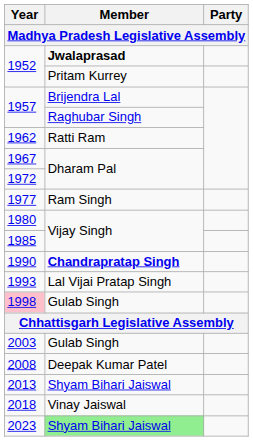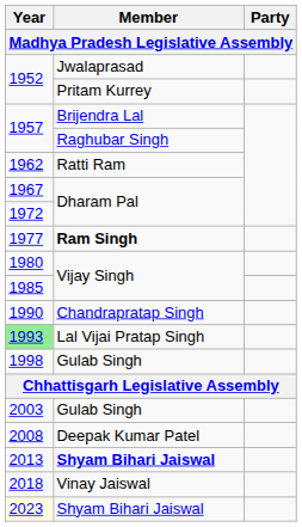 <table class="wikitable">
 <tr>
 <th>Year</th>
 <th>Member</th>
 <th colspan="2">Party</th>
 </tr>
 <tr>
 <th colspan=4><a href='#'>Madhya Pradesh Legislative Assembly</a></th>
 </tr>
 <tr>
 <td rowspan="2"><a href='#'>1952</a></td>
-<td><strong>Jwalaprasad</strong></td>
+<td>Jwalaprasad</td>
 <td></td>
 </tr>
 <tr>
 <td>Pritam Kurrey</td>
 <td></td>
 </tr>
 <tr>
 <td rowspan="2"><a href='#'>1957</a></td>
 <td><a href='#'>Brijendra Lal</a></td>
 </tr>
 <tr>
 <td><a href='#'>Raghubar Singh</a></td>
 </tr>
 <tr>
 <td><a href='#'>1962</a></td>
 <td>Ratti Ram</td>
 </tr>
 <tr>
 <td><a href='#'>1967</a></td>
 <td rowspan="2">Dharam Pal</td>
 </tr>
 <tr>
 <td><a href='#'>1972</a></td>
 </tr>
 <tr>
 <td><a href='#'>1977</a></td>
-<td>Ram Singh</td>
+<td><strong>Ram Singh</strong></td>
 <td></td>
 </tr>
 <tr>
 <td><a href='#'>1980</a></td>
 <td rowspan="2">Vijay Singh</td>
 <td></td>
 </tr>
 <tr>
 <td><a href='#'>1985</a></td>
 <td></td>
 </tr>
 <tr>
 <td><a href='#'>1990</a></td>
-<td><strong><a href='#'>Chandrapratap Singh</a></strong></td>
+<td><a href='#'>Chandrapratap Singh</a></td>
 <td></td>
 </tr>
 <tr>
-<td><a href='#'>1993</a></td>
+<td style="background: lightgreen;"><a href='#'>1993</a></td>
 <td>Lal Vijai Pratap Singh</td>
 <td></td>
 </tr>
 <tr>
-<td style="background: pink;"><a href='#'>1998</a></td>
+<td><a href='#'>1998</a></td>
 <td>Gulab Singh</td>
 </tr>
 <tr>
 <th colspan=4><a href='#'>Chhattisgarh Legislative Assembly</a></th>
 </tr>
 <tr>
 <td><a href='#'>2003</a></td>
 <td>Gulab Singh</td>
 <td></td>
 </tr>
 <tr>
 <td><a href='#'>2008</a></td>
 <td>Deepak Kumar Patel</td>
 <td></td>
 </tr>
 <tr>
 <td><a href='#'>2013</a></td>
-<td><a href='#'>Shyam Bihari Jaiswal</a></td>
+<td><strong><a href='#'>Shyam Bihari Jaiswal</a></strong></td>
 </tr>
 <tr>
 <td><a href='#'>2018</a></td>
 <td>Vinay Jaiswal</td>
 <td></td>
 </tr>
 <tr>
-<td><a href='#'>2023</a></td>
-<td style="background: lightgreen;"><a href='#'>Shyam Bihari Jaiswal</a></td>
+<td style="background: lightyellow;"><a href='#'>2023</a></td>
+<td><a href='#'>Shyam Bihari Jaiswal</a></td>
 <td></td>
 </tr>
 </table>
